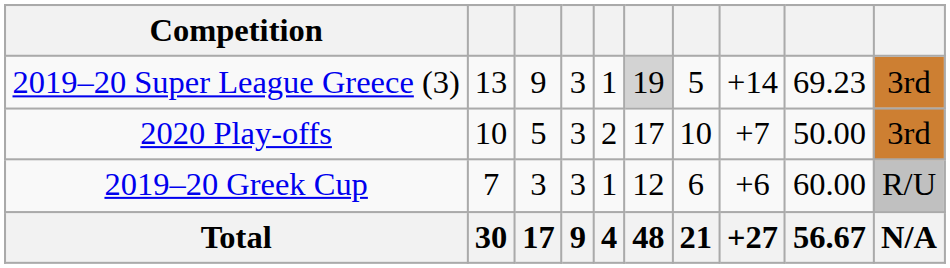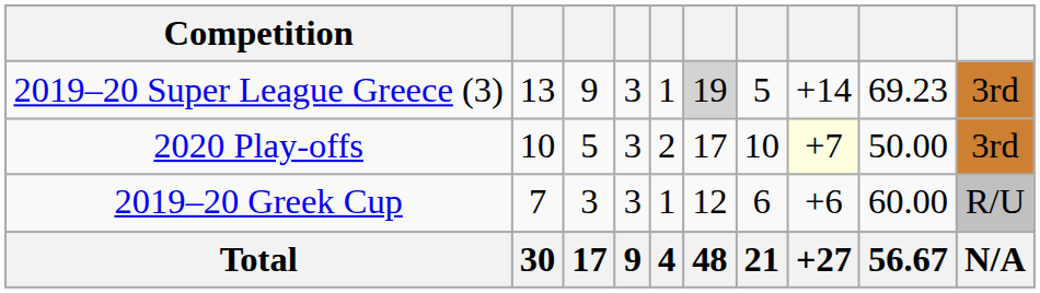 <table class="wikitable" style="text-align:center">
 <tr>
 <th>Competition</th>
 <th></th>
 <th></th>
 <th></th>
 <th></th>
 <th></th>
 <th></th>
 <th></th>
 <th></th>
 <th></th>
 </tr>
 <tr>
 <td><a href='#'>2019–20 Super League Greece</a> (3)</td>
 <td>13</td>
 <td>9</td>
 <td>3</td>
 <td>1</td>
 <td style="background: lightgrey;">19</td>
 <td>5</td>
 <td>+14</td>
 <td>69.23</td>
 <td bgcolor=#CD7F32>3rd</td>
 </tr>
 <tr>
 <td><a href='#'>2020 Play-offs</a></td>
 <td>10</td>
 <td>5</td>
 <td>3</td>
 <td>2</td>
 <td>17</td>
 <td>10</td>
-<td>+7</td>
+<td style="background: lightyellow;">+7</td>
 <td>50.00</td>
 <td bgcolor=#CD7F32>3rd</td>
 </tr>
 <tr>
 <td><a href='#'>2019–20 Greek Cup</a></td>
 <td>7</td>
 <td>3</td>
 <td>3</td>
 <td>1</td>
 <td>12</td>
 <td>6</td>
 <td>+6</td>
 <td>60.00</td>
 <td bgcolor=#C0C0C0>R/U</td>
 </tr>
 <tr>
 <th>Total</th>
 <th>30</th>
 <th>17</th>
 <th>9</th>
 <th>4</th>
 <th>48</th>
 <th>21</th>
 <th>+27</th>
 <th>56.67</th>
 <th>N/A</th>
 </tr>
 </table>
